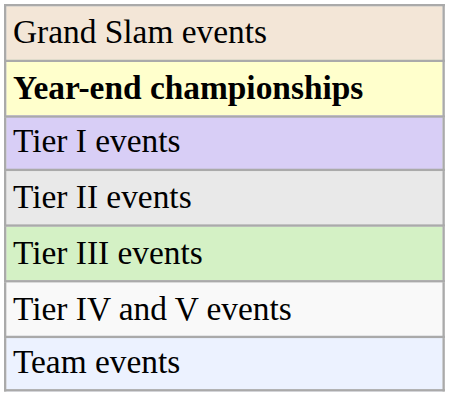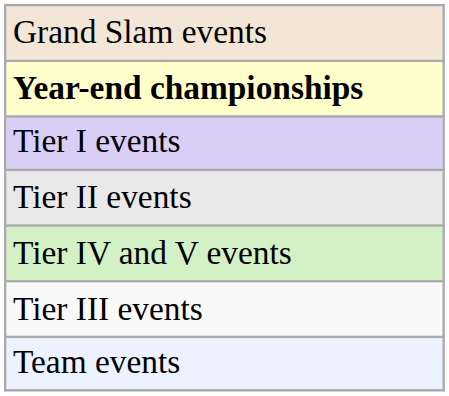 <table class=wikitable style=font-size:90%;width:15%>
 <tr bgcolor=#F3E6D7>
 <td>Grand Slam events</td>
 </tr>
 <tr bgcolor=#FFFFCC>
 <td><strong>Year-end championships</strong></td>
 </tr>
 <tr bgcolor=#d8cef6>
 <td>Tier I events</td>
 </tr>
 <tr style="background:#e9e9e9;">
 <td>Tier II events</td>
 </tr>
 <tr bgcolor=#D4F1C5>
-<td>Tier III events</td>
+<td>Tier IV and V events</td>
 </tr>
 <tr bgcolor=>
-<td>Tier IV and V events</td>
+<td>Tier III events</td>
 </tr>
 <tr bgcolor=#ECF2FF>
 <td>Team events</td>
 </tr>
 </table>
